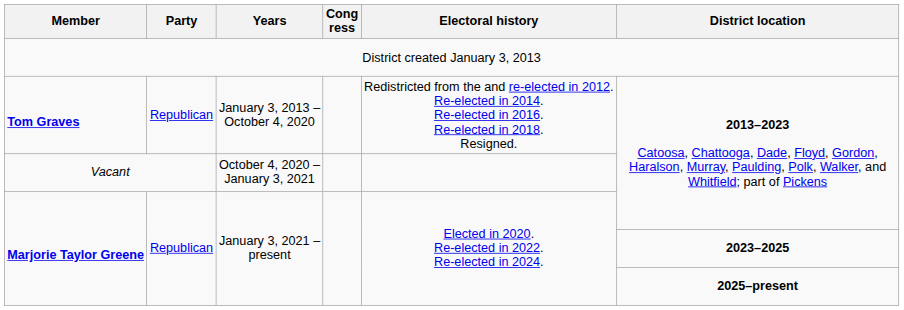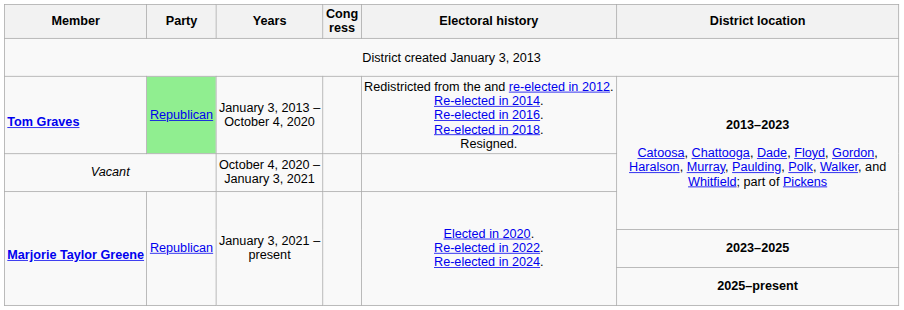 <table class=wikitable style="text-align:center">
 <tr>
 <th>Member<br></th>
 <th>Party</th>
 <th>Years</th>
 <th>Cong<br>ress</th>
 <th>Electoral history</th>
 <th width=350>District location</th>
 </tr>
 <tr style="height:3em">
 <td colspan=6>District created January 3, 2013</td>
 </tr>
 <tr style="height:3em">
 <td align=left><br><strong><a href='#'>Tom Graves</a></strong><br></td>
-<td><a href='#'>Republican</a></td>
+<td style="background: lightgreen;"><a href='#'>Republican</a></td>
 <td nowrap>January 3, 2013 –<br>October 4, 2020</td>
 <td></td>
 <td>Redistricted from the  and <a href='#'>re-elected in 2012</a>.<br><a href='#'>Re-elected in 2014</a>.<br><a href='#'>Re-elected in 2016</a>.<br><a href='#'>Re-elected in 2018</a>.<br>Resigned.</td>
 <td rowspan=3><strong>2013–2023</strong><br><br><a href='#'>Catoosa</a>, <a href='#'>Chattooga</a>, <a href='#'>Dade</a>, <a href='#'>Floyd</a>, <a href='#'>Gordon</a>, <a href='#'>Haralson</a>, <a href='#'>Murray</a>, <a href='#'>Paulding</a>, <a href='#'>Polk</a>, <a href='#'>Walker</a>, and <a href='#'>Whitfield</a>; part of <a href='#'>Pickens</a></td>
 </tr>
 <tr style="height:3em">
 <td colspan=2><em>Vacant</em></td>
 <td nowrap>October 4, 2020 –<br>January 3, 2021</td>
 <td></td>
 <td></td>
 </tr>
 <tr style="height:3em">
 <td rowspan=3 align=left><br><strong><a href='#'>Marjorie Taylor Greene</a></strong> <br></td>
 <td rowspan=3 ><a href='#'>Republican</a></td>
 <td rowspan=3 nowrap>January 3, 2021 –<br>present</td>
 <td rowspan=3></td>
 <td rowspan=3><a href='#'>Elected in 2020</a>.<br><a href='#'>Re-elected in 2022</a>. <br><a href='#'>Re-elected in 2024</a>.</td>
 </tr>
 <tr style="height:3em">
 <td><strong>2023–2025</strong><br></td>
 </tr>
 <tr style="height:3em">
 <td><strong>2025–present</strong><br></td>
 </tr>
 </table>
